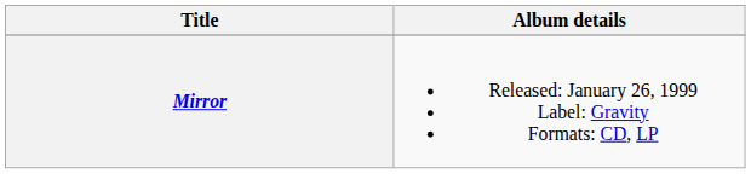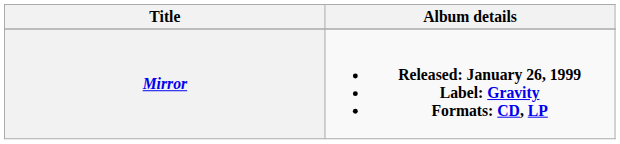 <table class="wikitable plainrowheaders" style="text-align:center;">
 <tr>
 <th rowspan="1" scope="col" style="width:20em;">Title</th>
 <th rowspan="1" scope="col" style="width:18em;">Album details</th>
 </tr>
 <tr>
 </tr>
 <tr>
 <th scope="row"><em><a href='#'>Mirror</a></em></th>
-<td><br><ul><li>Released: January 26, 1999</li><li>Label: <a href='#'>Gravity</a></li><li>Formats: <a href='#'>CD</a>, <a href='#'>LP</a></li></ul></td>
+<td><strong><br><ul><li>Released: January 26, 1999</li><li>Label: <a href='#'>Gravity</a></li><li>Formats: <a href='#'>CD</a>, <a href='#'>LP</a></li></ul></strong></td>
 </tr>
 </table>
